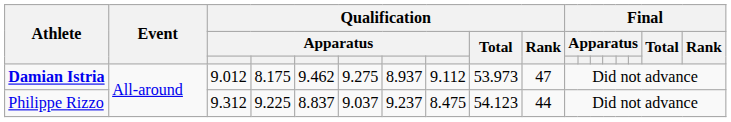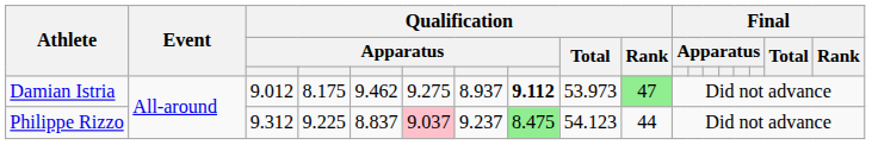 <table class="wikitable" style="font-size:90%">
 <tr>
 <th rowspan=3>Athlete</th>
 <th rowspan=3>Event</th>
 <th colspan=8>Qualification</th>
 <th colspan=8>Final</th>
 </tr>
 <tr style=font-size:95%>
 <th colspan=6>Apparatus</th>
 <th rowspan=2>Total</th>
 <th rowspan=2>Rank</th>
 <th colspan=6>Apparatus</th>
 <th rowspan=2>Total</th>
 <th rowspan=2>Rank</th>
 </tr>
 <tr style="font-size:95%">
 <th></th>
 <th></th>
 <th></th>
 <th></th>
 <th></th>
 <th></th>
 <th></th>
 <th></th>
 <th></th>
 <th></th>
 <th></th>
 <th></th>
 </tr>
 <tr>
-<td align=left><strong><a href='#'>Damian Istria</a></strong></td>
+<td align=left><a href='#'>Damian Istria</a></td>
 <td align=left rowspan=2><a href='#'>All-around</a>     </td>
 <td align=center>9.012</td>
 <td align=center>8.175</td>
 <td align=center>9.462</td>
 <td align=center>9.275</td>
 <td align=center>8.937</td>
-<td align=center>9.112</td>
+<td align=center><strong>9.112</strong></td>
 <td align=center>53.973</td>
-<td align=center>47</td>
+<td align=center style="background: lightgreen;">47</td>
 <td align=center colspan=8>Did not advance</td>
 </tr>
 <tr>
 <td align=left><a href='#'>Philippe Rizzo</a></td>
 <td align=center>9.312</td>
 <td align=center>9.225</td>
 <td align=center>8.837</td>
-<td align=center>9.037</td>
+<td align=center style="background: pink;">9.037</td>
 <td align=center>9.237</td>
-<td align=center>8.475</td>
+<td align=center style="background: lightgreen;">8.475</td>
 <td align=center>54.123</td>
 <td align=center>44</td>
 <td align=center colspan=8>Did not advance</td>
 </tr>
 </table>
